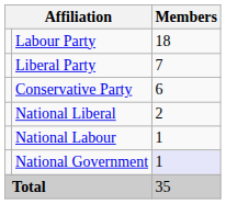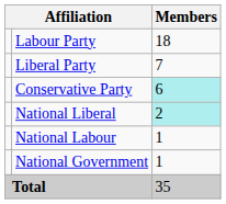 <table class="wikitable">
 <tr>
 <th colspan="2">Affiliation</th>
 <th>Members</th>
 </tr>
 <tr>
 <td style="color:inherit;background:"></td>
 <td><a href='#'>Labour Party</a></td>
 <td>18</td>
 </tr>
 <tr>
 <td style="color:inherit;background:"></td>
 <td><a href='#'>Liberal Party</a></td>
 <td>7</td>
 </tr>
 <tr>
 <td style="color:inherit;background:"></td>
 <td><a href='#'>Conservative Party</a></td>
-<td>6</td>
+<td style="background: paleturquoise;">6</td>
 </tr>
 <tr>
 <td style="color:inherit;background-color: "></td>
 <td><a href='#'>National Liberal</a></td>
-<td>2</td>
+<td style="background: paleturquoise;">2</td>
 </tr>
 <tr>
 <td style="color:inherit;background-color: "></td>
 <td><a href='#'>National Labour</a></td>
 <td>1</td>
 </tr>
 <tr>
 <td style="color:inherit;background-color: "></td>
 <td><a href='#'>National Government</a></td>
-<td style="background: lavender;">1</td>
+<td>1</td>
 </tr>
 <tr style="background:#ccc;">
 <td colspan="2"> <strong>Total</strong></td>
 <td>35</td>
 </tr>
 </table>
